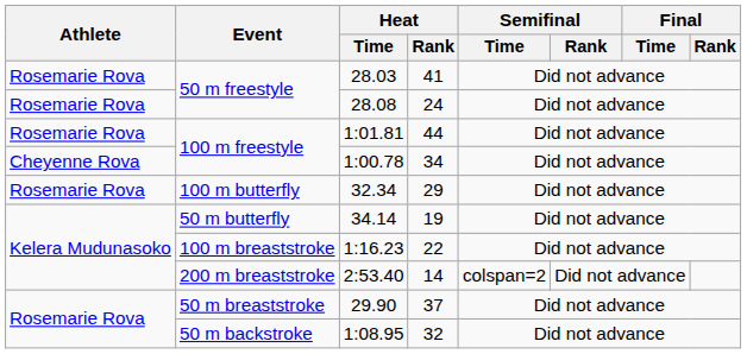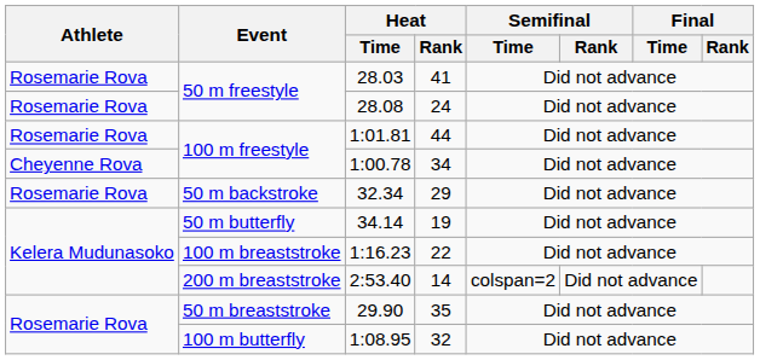 <table class=wikitable style="font-size:90%; text-align:center">
 <tr>
 <th rowspan=2>Athlete</th>
 <th rowspan=2>Event</th>
 <th colspan=2>Heat</th>
 <th colspan=2>Semifinal</th>
 <th colspan=2>Final</th>
 </tr>
 <tr style=font-size:95%>
 <th>Time</th>
 <th>Rank</th>
 <th>Time</th>
 <th>Rank</th>
 <th>Time</th>
 <th>Rank</th>
 </tr>
 <tr>
 <td align=left><a href='#'>Rosemarie Rova</a></td>
 <td align=left rowspan=2><a href='#'>50 m freestyle</a></td>
 <td>28.03</td>
 <td>41</td>
 <td colspan=4>Did not advance</td>
 </tr>
 <tr>
 <td align=left><a href='#'>Rosemarie Rova</a></td>
 <td>28.08</td>
 <td>24</td>
 <td colspan=4>Did not advance</td>
 </tr>
 <tr>
 <td align=left><a href='#'>Rosemarie Rova</a></td>
 <td align=left rowspan=2><a href='#'>100 m freestyle</a></td>
 <td>1:01.81</td>
 <td>44</td>
 <td colspan=4>Did not advance</td>
 </tr>
 <tr>
 <td align=left><a href='#'>Cheyenne Rova</a></td>
 <td>1:00.78</td>
 <td>34</td>
 <td colspan=4>Did not advance</td>
 </tr>
 <tr>
 <td align=left><a href='#'>Rosemarie Rova</a></td>
-<td align=left><a href='#'>100 m butterfly</a></td>
+<td align=left><a href='#'>50 m backstroke</a></td>
 <td>32.34</td>
 <td>29</td>
 <td colspan=4>Did not advance</td>
 </tr>
 <tr>
 <td align=left rowspan=3><a href='#'>Kelera Mudunasoko</a></td>
 <td align=left><a href='#'>50 m butterfly</a></td>
 <td>34.14</td>
 <td>19</td>
 <td colspan=4>Did not advance</td>
 </tr>
 <tr>
 <td align=left><a href='#'>100 m breaststroke</a></td>
 <td>1:16.23</td>
 <td>22</td>
 <td colspan=4>Did not advance</td>
 </tr>
 <tr>
 <td align=left><a href='#'>200 m breaststroke</a></td>
 <td>2:53.40</td>
 <td>14</td>
 <td>colspan=2 </td>
 <td colspan=2>Did not advance</td>
 </tr>
 <tr>
 <td align=left rowspan=2><a href='#'>Rosemarie Rova</a></td>
 <td align=left><a href='#'>50 m breaststroke</a></td>
 <td>29.90</td>
-<td>37</td>
+<td>35</td>
 <td colspan=4>Did not advance</td>
 </tr>
 <tr>
-<td align=left><a href='#'>50 m backstroke</a></td>
+<td align=left><a href='#'>100 m butterfly</a></td>
 <td>1:08.95</td>
 <td>32</td>
 <td colspan=4>Did not advance</td>
 </tr>
 </table>
